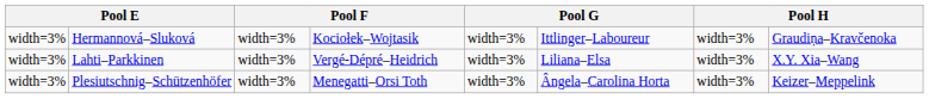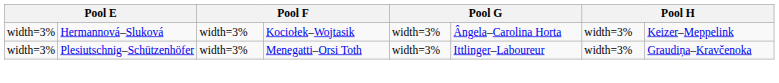 <table class="wikitable">
 <tr>
 <th width=25% colspan=2>Pool E</th>
 <th width=25% colspan=2>Pool F</th>
 <th width=25% colspan=2>Pool G</th>
 <th width=25% colspan=2>Pool H</th>
 </tr>
 <tr>
 <td>width=3% </td>
 <td> <a href='#'>Hermannová</a>–<a href='#'>Sluková</a></td>
 <td>width=3% </td>
 <td> <a href='#'>Kociołek</a>–<a href='#'>Wojtasik</a></td>
 <td>width=3% </td>
-<td> <a href='#'>Ittlinger</a>–<a href='#'>Laboureur</a></td>
+<td> <a href='#'>Ângela</a>–<a href='#'>Carolina Horta</a></td>
 <td>width=3% </td>
-<td> <a href='#'>Graudiņa</a>–<a href='#'>Kravčenoka</a></td>
-</tr>
-<tr>
-<td>width=3% </td>
-<td> <a href='#'>Lahti</a>–<a href='#'>Parkkinen</a></td>
-<td>width=3% </td>
-<td> <a href='#'>Vergé-Dépré</a>–<a href='#'>Heidrich</a></td>
-<td>width=3% </td>
-<td> <a href='#'>Liliana</a>–<a href='#'>Elsa</a></td>
-<td>width=3% </td>
-<td> <a href='#'>X.Y. Xia</a>–<a href='#'>Wang</a></td>
+<td> <a href='#'>Keizer</a>–<a href='#'>Meppelink</a></td>
 </tr>
 <tr>
 <td>width=3% </td>
 <td> <a href='#'>Plesiutschnig</a>–<a href='#'>Schützenhöfer</a></td>
 <td>width=3% </td>
 <td> <a href='#'>Menegatti</a>–<a href='#'>Orsi Toth</a></td>
 <td>width=3% </td>
-<td> <a href='#'>Ângela</a>–<a href='#'>Carolina Horta</a></td>
+<td> <a href='#'>Ittlinger</a>–<a href='#'>Laboureur</a></td>
 <td>width=3% </td>
-<td> <a href='#'>Keizer</a>–<a href='#'>Meppelink</a></td>
+<td> <a href='#'>Graudiņa</a>–<a href='#'>Kravčenoka</a></td>
 </tr>
 </table>
